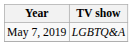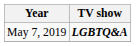 <table class="wikitable">
 <tr>
 <th>Year</th>
 <th>TV show</th>
 </tr>
 <tr>
 <td>May 7, 2019</td>
-<td><em>LGBTQ&A</em></td>
+<td><strong><em>LGBTQ&A</em></strong></td>
 </tr>
 <tr>
 </tr>
 </table>
